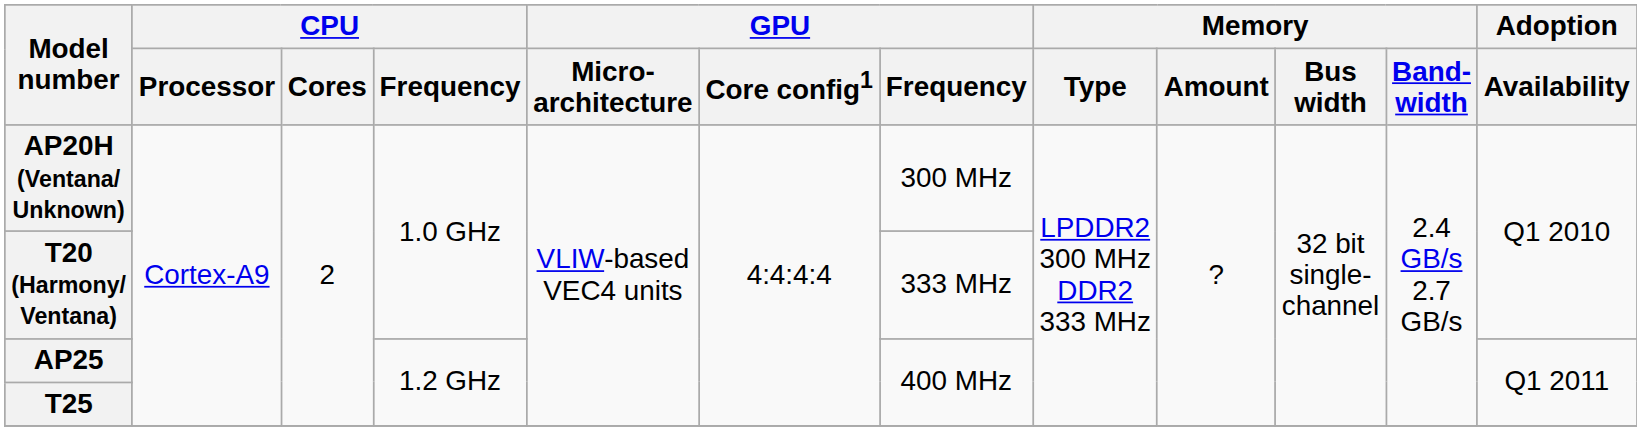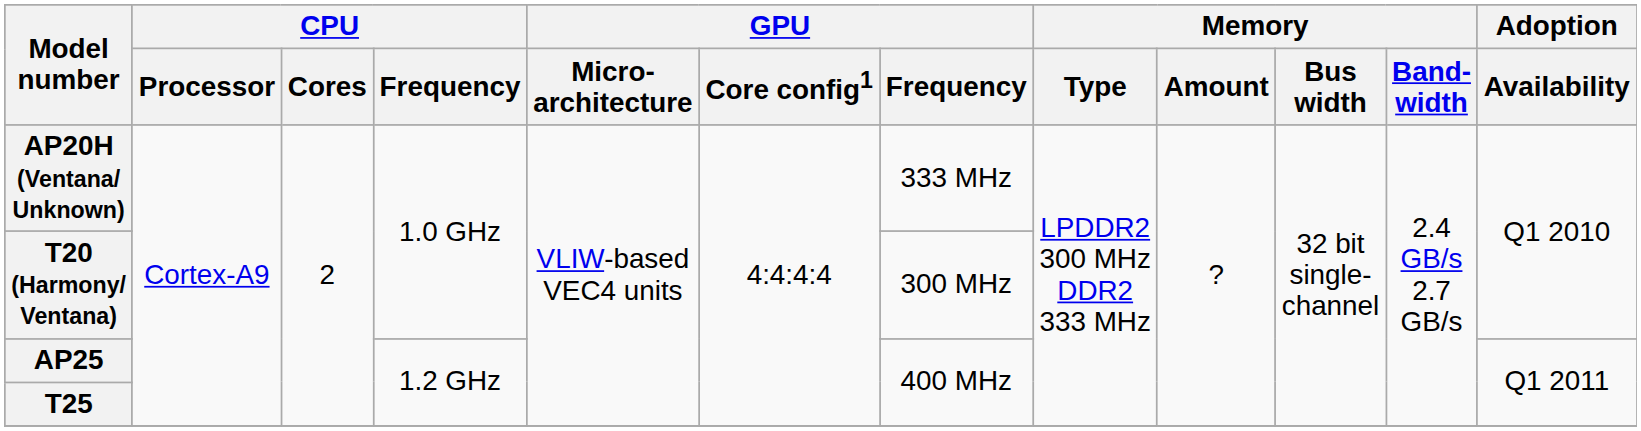 <table class="wikitable" style="text-align:center;">
 <tr>
 <th rowspan=2>Model<br>number</th>
 <th colspan=3><a href='#'>CPU</a></th>
 <th colspan=3><a href='#'>GPU</a></th>
 <th colspan=4>Memory</th>
 <th>Adoption</th>
 </tr>
 <tr>
 <th>Processor</th>
 <th>Cores</th>
 <th>Frequency</th>
 <th>Micro-<br>architecture</th>
 <th>Core config<sup>1</sup></th>
 <th>Frequency</th>
 <th>Type</th>
 <th>Amount</th>
 <th>Bus<br>width</th>
 <th><a href='#'>Band-<br>width</a></th>
 <th>Availability</th>
 </tr>
 <tr>
 <th>AP20H <br><small>(Ventana/<br>Unknown)</small></th>
 <td rowspan="4"><a href='#'>Cortex-A9</a></td>
 <td rowspan="4">2</td>
 <td rowspan="2">1.0 GHz</td>
 <td rowspan="4"><a href='#'>VLIW</a>-based<br>VEC4 units</td>
 <td rowspan="4">4:4:4:4</td>
-<td>300 MHz</td>
+<td>333 MHz<br> </td>
 <td rowspan="4"><a href='#'>LPDDR2</a><br>300 MHz<br><a href='#'>DDR2</a><br>333 MHz</td>
 <td rowspan="4">?</td>
 <td rowspan="4">32 bit<br>single-<br>channel</td>
 <td rowspan="4">2.4 <a href='#'>GB/s</a><br>2.7 GB/s</td>
 <td rowspan="2">Q1 2010</td>
 </tr>
 <tr>
 <th>T20 <br><small>(Harmony/<br>Ventana)</small><br></th>
-<td>333 MHz<br> </td>
+<td>300 MHz</td>
 </tr>
 <tr>
 <th>AP25</th>
 <td rowspan="2">1.2 GHz</td>
 <td rowspan="2">400 MHz<br></td>
 <td rowspan="2">Q1 2011</td>
 </tr>
 <tr>
 <th>T25<br>   </th>
 </tr>
 <tr>
 </tr>
 </table>
